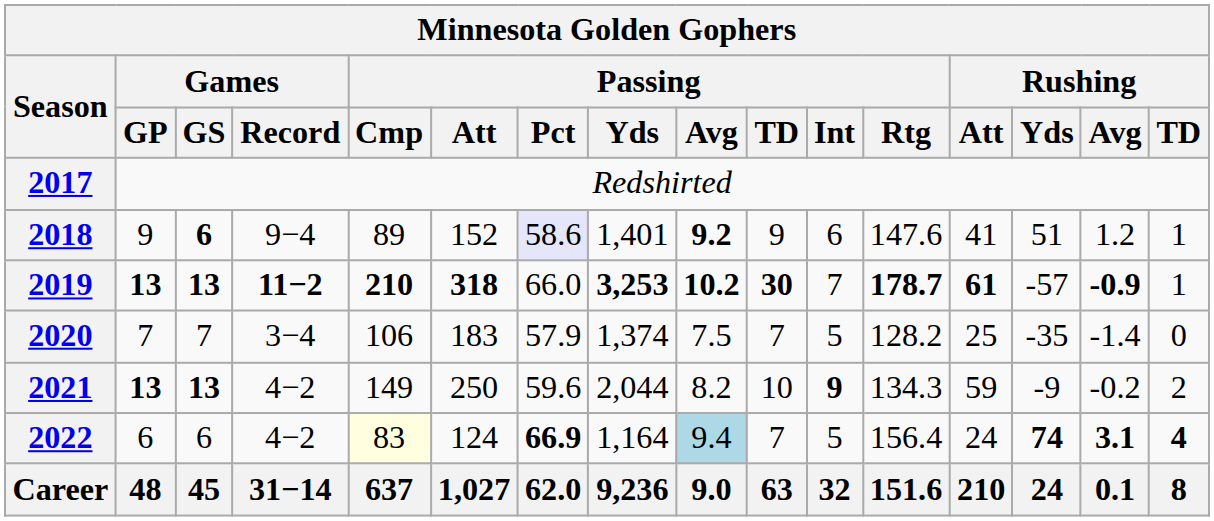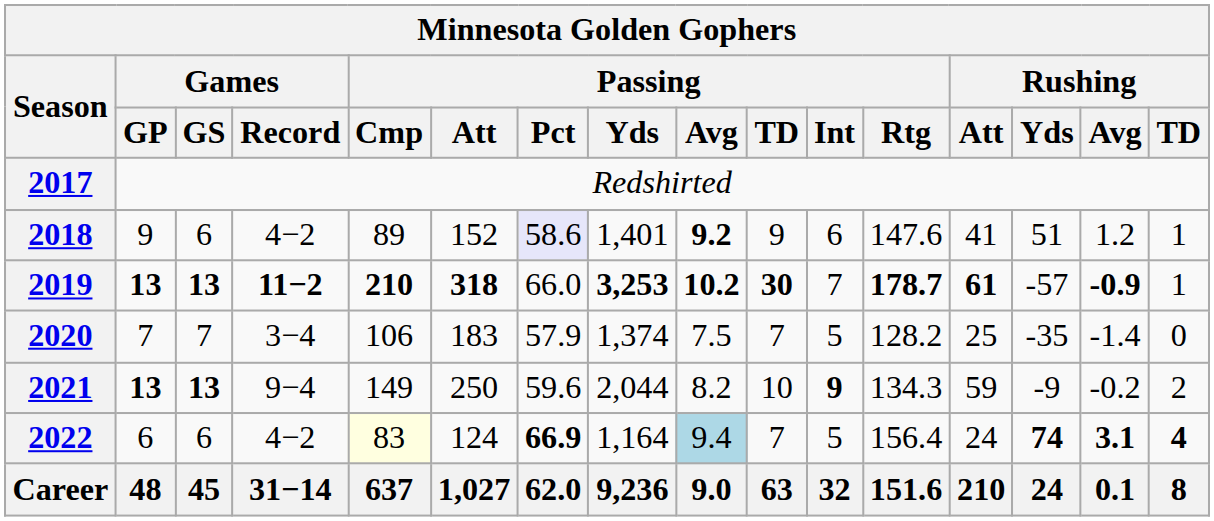 <table class="wikitable" style="text-align:center;">
 <tr>
 <th colspan="16">Minnesota Golden Gophers</th>
 </tr>
 <tr>
 <th rowspan="2">Season</th>
 <th colspan="3">Games</th>
 <th colspan="8">Passing</th>
 <th colspan="5">Rushing</th>
 </tr>
 <tr>
 <th>GP</th>
 <th>GS</th>
 <th>Record</th>
 <th>Cmp</th>
 <th>Att</th>
 <th>Pct</th>
 <th>Yds</th>
 <th>Avg</th>
 <th>TD</th>
 <th>Int</th>
 <th>Rtg</th>
 <th>Att</th>
 <th>Yds</th>
 <th>Avg</th>
 <th>TD</th>
 </tr>
 <tr>
 <th><a href='#'>2017</a></th>
 <td colspan="15"><em>Redshirted </em></td>
 </tr>
 <tr>
 <th><a href='#'>2018</a></th>
 <td>9</td>
-<td><strong>6</strong></td>
-<td>9−4</td>
+<td>6</td>
+<td>4−2</td>
 <td>89</td>
 <td>152</td>
 <td style="background: lavender;">58.6</td>
 <td>1,401</td>
 <td><strong>9.2</strong></td>
 <td>9</td>
 <td>6</td>
 <td>147.6</td>
 <td>41</td>
 <td>51</td>
 <td>1.2</td>
 <td>1</td>
 </tr>
 <tr>
 <th><a href='#'>2019</a></th>
 <td><strong>13</strong></td>
 <td><strong>13</strong></td>
 <td><strong>11−2</strong></td>
 <td><strong>210</strong></td>
 <td><strong>318</strong></td>
 <td>66.0</td>
 <td><strong>3,253</strong></td>
 <td><strong>10.2</strong></td>
 <td><strong>30</strong></td>
 <td>7</td>
 <td><strong>178.7</strong></td>
 <td><strong>61</strong></td>
 <td>-57</td>
 <td><strong>-0.9</strong></td>
 <td>1</td>
 </tr>
 <tr>
 <th><a href='#'>2020</a></th>
 <td>7</td>
 <td>7</td>
 <td>3−4</td>
 <td>106</td>
 <td>183</td>
 <td>57.9</td>
 <td>1,374</td>
 <td>7.5</td>
 <td>7</td>
 <td>5</td>
 <td>128.2</td>
 <td>25</td>
 <td>-35</td>
 <td>-1.4</td>
 <td>0</td>
 </tr>
 <tr>
 <th><a href='#'>2021</a></th>
 <td><strong>13</strong></td>
 <td><strong>13</strong></td>
-<td>4−2</td>
+<td>9−4</td>
 <td>149</td>
 <td>250</td>
 <td>59.6</td>
 <td>2,044</td>
 <td>8.2</td>
 <td>10</td>
 <td><strong>9</strong></td>
 <td>134.3</td>
 <td>59</td>
 <td>-9</td>
 <td>-0.2</td>
 <td>2</td>
 </tr>
 <tr>
 <th><a href='#'>2022</a></th>
 <td>6</td>
 <td>6</td>
 <td>4−2</td>
 <td style="background: lightyellow;">83</td>
 <td>124</td>
 <td><strong>66.9</strong></td>
 <td>1,164</td>
 <td style="background: lightblue;">9.4</td>
 <td>7</td>
 <td>5</td>
 <td>156.4</td>
 <td>24</td>
 <td><strong>74</strong></td>
 <td><strong>3.1</strong></td>
 <td><strong>4</strong></td>
 </tr>
 <tr>
 <th>Career</th>
 <th>48</th>
 <th>45</th>
 <th>31−14</th>
 <th>637</th>
 <th>1,027</th>
 <th>62.0</th>
 <th>9,236</th>
 <th>9.0</th>
 <th>63</th>
 <th>32</th>
 <th>151.6</th>
 <th>210</th>
 <th>24</th>
 <th>0.1</th>
 <th>8</th>
 </tr>
 </table>
